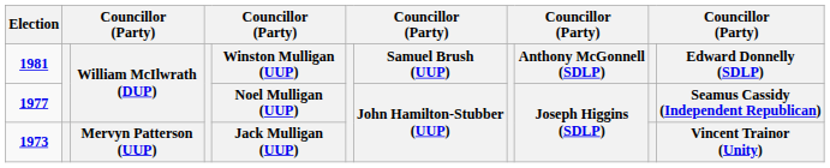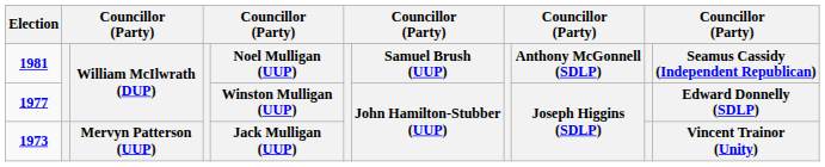 <table class="wikitable" style="text-align:center">
 <tr>
 <th scope="col" width="50">Election</th>
 <th scope="col" width="150" colspan = "2">Councillor<br> (Party)</th>
 <th scope="col" width="150" colspan = "2">Councillor<br> (Party)</th>
 <th scope="col" width="150" colspan = "2">Councillor<br> (Party)</th>
 <th scope="col" width="150" colspan = "2">Councillor<br> (Party)</th>
 <th scope="col" width="150" colspan = "2">Councillor<br> (Party)</th>
 </tr>
 <tr>
 <td><strong><a href='#'>1981</a></strong></td>
 <th rowspan="2" width="1" style="background-color: "></th>
 <th rowspan = "2">William McIlwrath <br> (<a href='#'>DUP</a>)</th>
 <th rowspan="3" width="1" style="background-color: "></th>
-<th rowspan = "1">Winston Mulligan <br> (<a href='#'>UUP</a>)</th>
+<th rowspan = "1">Noel Mulligan <br> (<a href='#'>UUP</a>)</th>
 <th rowspan="3" width="1" style="background-color: "></th>
 <th rowspan = "1">Samuel Brush <br> (<a href='#'>UUP</a>)</th>
 <th rowspan="3" width="1" style="background-color: "></th>
 <th rowspan = "1">Anthony McGonnell <br> (<a href='#'>SDLP</a>)</th>
 <th rowspan="1" width="1" style="background-color: "></th>
-<th rowspan = "1">Edward Donnelly <br> (<a href='#'>SDLP</a>)</th>
+<th rowspan = "1">Seamus Cassidy <br> (<a href='#'>Independent Republican</a>)</th>
 </tr>
 <tr>
 <td><strong><a href='#'>1977</a></strong></td>
-<th rowspan = "1">Noel Mulligan <br> (<a href='#'>UUP</a>)</th>
+<th rowspan = "1">Winston Mulligan <br> (<a href='#'>UUP</a>)</th>
 <th rowspan = "2">John Hamilton-Stubber <br> (<a href='#'>UUP</a>)</th>
 <th rowspan = "2">Joseph Higgins <br> (<a href='#'>SDLP</a>)</th>
 <th rowspan="1" width="1" style="background-color: "></th>
-<th rowspan = "1">Seamus Cassidy <br> (<a href='#'>Independent Republican</a>)</th>
+<th rowspan = "1">Edward Donnelly <br> (<a href='#'>SDLP</a>)</th>
 </tr>
 <tr>
 <td><strong><a href='#'>1973</a></strong></td>
 <th rowspan="1" width="1" style="background-color: "></th>
 <th rowspan = "1">Mervyn Patterson <br> (<a href='#'>UUP</a>)</th>
 <th rowspan = "1">Jack Mulligan <br> (<a href='#'>UUP</a>)</th>
 <th rowspan="1" width="1" style="background-color: "></th>
 <th rowspan = "1">Vincent Trainor <br> (<a href='#'>Unity</a>)</th>
 </tr>
 </table>
